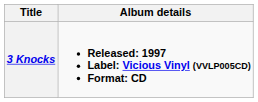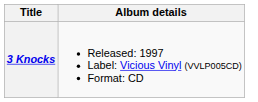 <table class="wikitable plainrowheaders">
 <tr>
 <th scope="col">Title</th>
 <th scope="col">Album details</th>
 </tr>
 <tr>
 <th scope="row"><em><a href='#'>3 Knocks</a></em></th>
-<td><strong><br><ul><li>Released: 1997</li><li>Label: <a href='#'>Vicious Vinyl</a> <small>(VVLP005CD)</small></li><li>Format: CD</li></ul></strong></td>
+<td><br><ul><li>Released: 1997</li><li>Label: <a href='#'>Vicious Vinyl</a> <small>(VVLP005CD)</small></li><li>Format: CD</li></ul></td>
 </tr>
 </table>
